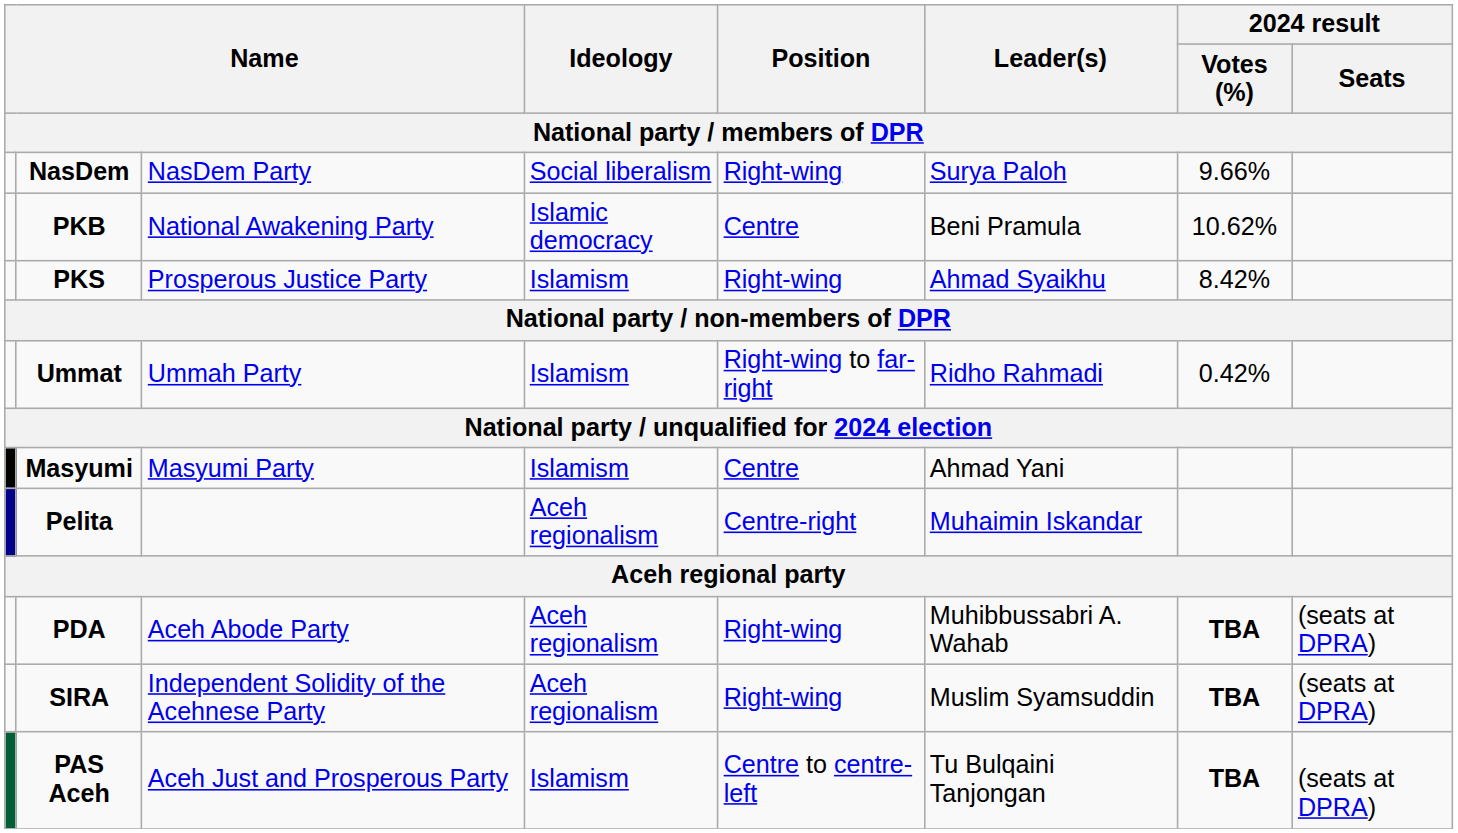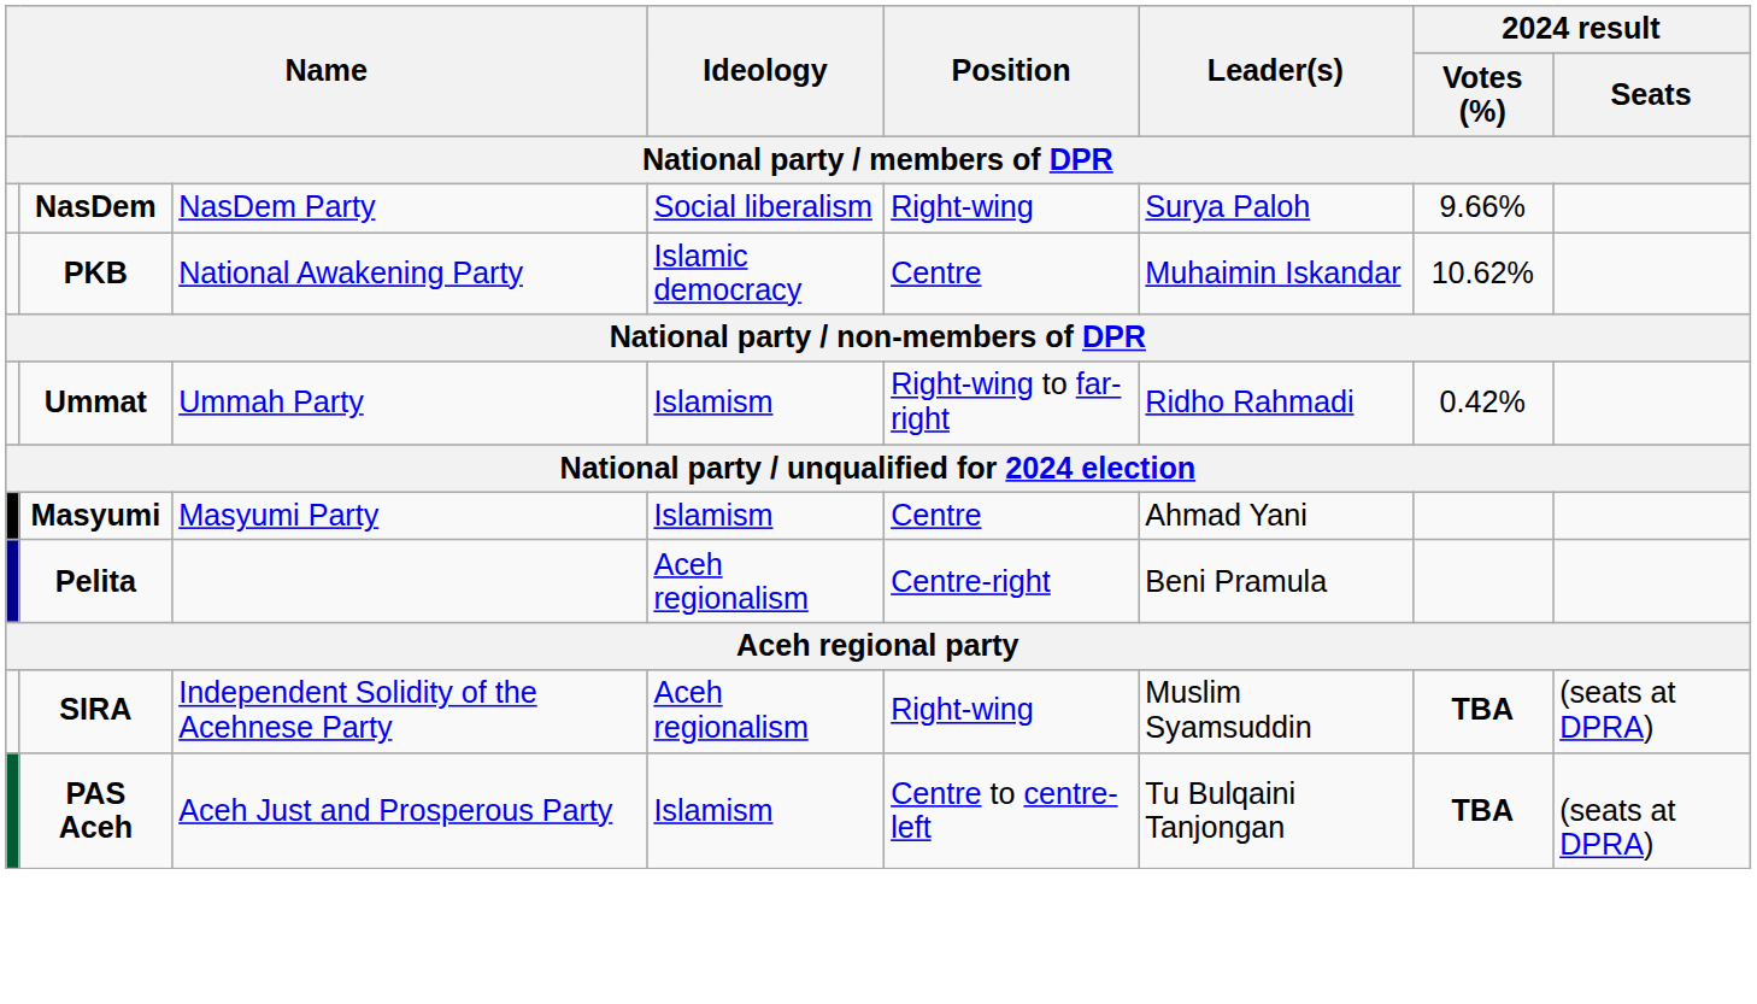 <table class="wikitable" style="width:73%;">
 <tr>
 <th colspan="3" rowspan="2">Name</th>
 <th rowspan="2">Ideology</th>
 <th rowspan="2">Position</th>
 <th rowspan="2">Leader(s)</th>
 <th colspan="2">2024 result</th>
 </tr>
 <tr>
 <th>Votes (%)</th>
 <th>Seats</th>
 </tr>
 <tr>
 <th colspan="8">National party / members of <a href='#'>DPR</a></th>
 </tr>
 <tr>
 <td style="background:"></td>
 <td style="text-align:center;"><strong>NasDem</strong></td>
 <td><a href='#'>NasDem Party</a><br></td>
 <td><a href='#'>Social liberalism</a></td>
 <td><a href='#'>Right-wing</a></td>
 <td><a href='#'>Surya Paloh</a></td>
 <td style="text-align:center;">9.66%</td>
 <td></td>
 </tr>
 <tr>
 <td style="background:"></td>
 <td style="text-align:center;"><strong>PKB</strong></td>
 <td><a href='#'>National Awakening Party</a><br></td>
 <td><a href='#'>Islamic democracy</a></td>
 <td><a href='#'>Centre</a></td>
-<td>Beni Pramula</td>
+<td><a href='#'>Muhaimin Iskandar</a></td>
 <td style="text-align:center;">10.62%</td>
-<td></td>
-</tr>
-<tr>
-<td style="background:"></td>
-<td style="text-align:center;"><strong>PKS</strong></td>
-<td><a href='#'>Prosperous Justice Party</a><br></td>
-<td><a href='#'>Islamism</a></td>
-<td><a href='#'>Right-wing</a></td>
-<td><a href='#'>Ahmad Syaikhu</a></td>
-<td style="text-align:center;">8.42%</td>
 <td></td>
 </tr>
 <tr>
 <th colspan="8">National party / non-members of <a href='#'>DPR</a></th>
 </tr>
 <tr>
 <td style="background:"></td>
 <td style="text-align:center;"><strong>Ummat</strong></td>
 <td><a href='#'>Ummah Party</a><br></td>
 <td><a href='#'>Islamism</a></td>
 <td><a href='#'>Right-wing</a> to <a href='#'>far-right</a></td>
 <td><a href='#'>Ridho Rahmadi</a></td>
 <td style="text-align:center;">0.42%</td>
 <td></td>
 </tr>
 <tr>
 <th colspan="8">National party / unqualified for <a href='#'>2024 election</a></th>
 </tr>
 <tr>
 <td style="background:#020100"></td>
 <td style="text-align:center;"><strong>Masyumi</strong></td>
 <td><a href='#'>Masyumi Party</a><br></td>
 <td><a href='#'>Islamism</a></td>
 <td><a href='#'>Centre</a></td>
 <td>Ahmad Yani</td>
 <td></td>
 <td></td>
 </tr>
 <tr>
 <td style="background:#00008B"></td>
 <td style="text-align:center;"><strong>Pelita</strong></td>
 <td><br></td>
 <td><a href='#'>Aceh regionalism</a></td>
 <td><a href='#'>Centre-right</a></td>
-<td><a href='#'>Muhaimin Iskandar</a></td>
+<td>Beni Pramula</td>
 <td></td>
 <td></td>
 </tr>
 <tr>
 <th colspan="8">Aceh regional party</th>
-</tr>
-<tr>
-<td style="background:"></td>
-<td style="text-align:center;"><strong>PDA</strong></td>
-<td><a href='#'>Aceh Abode Party</a><br></td>
-<td><a href='#'>Aceh regionalism</a></td>
-<td><a href='#'>Right-wing</a></td>
-<td>Muhibbussabri A. Wahab</td>
-<td style="text-align:center;"><strong>TBA</strong></td>
-<td> (seats at <a href='#'>DPRA</a>)</td>
 </tr>
 <tr>
 <td style="background:"></td>
 <td style="text-align:center;"><strong>SIRA</strong></td>
 <td><a href='#'>Independent Solidity of the Acehnese Party</a><br></td>
 <td><a href='#'>Aceh regionalism</a></td>
 <td><a href='#'>Right-wing</a></td>
 <td>Muslim Syamsuddin</td>
 <td style="text-align:center;"><strong>TBA</strong></td>
 <td> (seats at <a href='#'>DPRA</a>)</td>
 </tr>
 <tr>
 <td style="background:#005D34"></td>
 <td style="text-align:center;"><strong>PAS Aceh</strong></td>
 <td><a href='#'>Aceh Just and Prosperous Party</a><br></td>
 <td><a href='#'>Islamism</a></td>
 <td><a href='#'>Centre</a> to <a href='#'>centre-left</a></td>
 <td>Tu Bulqaini Tanjongan</td>
 <td style="text-align:center;"><strong>TBA</strong></td>
 <td><br>(seats at <a href='#'>DPRA</a>)</td>
 </tr>
 </table>
